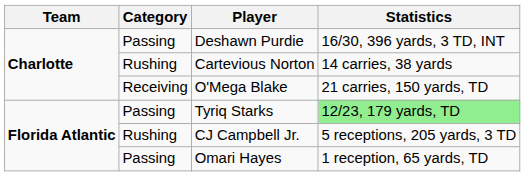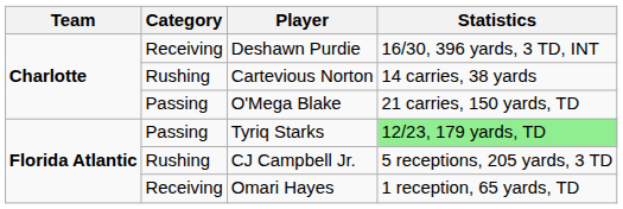 <table class="wikitable" style="float: right;">
 <tr>
 <th>Team</th>
 <th>Category</th>
 <th>Player</th>
 <th>Statistics</th>
 </tr>
 <tr>
 <td rowspan=3><strong>Charlotte</strong></td>
-<td>Passing</td>
+<td>Receiving</td>
 <td>Deshawn Purdie</td>
 <td>16/30, 396 yards, 3 TD, INT</td>
 </tr>
 <tr>
 <td>Rushing</td>
 <td>Cartevious Norton</td>
 <td>14 carries, 38 yards</td>
 </tr>
 <tr>
-<td>Receiving</td>
+<td>Passing</td>
 <td>O'Mega Blake</td>
 <td>21 carries, 150 yards, TD</td>
 </tr>
 <tr>
 <td rowspan=3><strong>Florida Atlantic</strong></td>
 <td>Passing</td>
 <td>Tyriq Starks</td>
 <td style="background: lightgreen;">12/23, 179 yards, TD</td>
 </tr>
 <tr>
 <td>Rushing</td>
 <td>CJ Campbell Jr.</td>
 <td>5 receptions, 205 yards, 3 TD</td>
 </tr>
 <tr>
-<td>Passing</td>
+<td>Receiving</td>
 <td>Omari Hayes</td>
 <td>1 reception, 65 yards, TD</td>
 </tr>
 </table>
